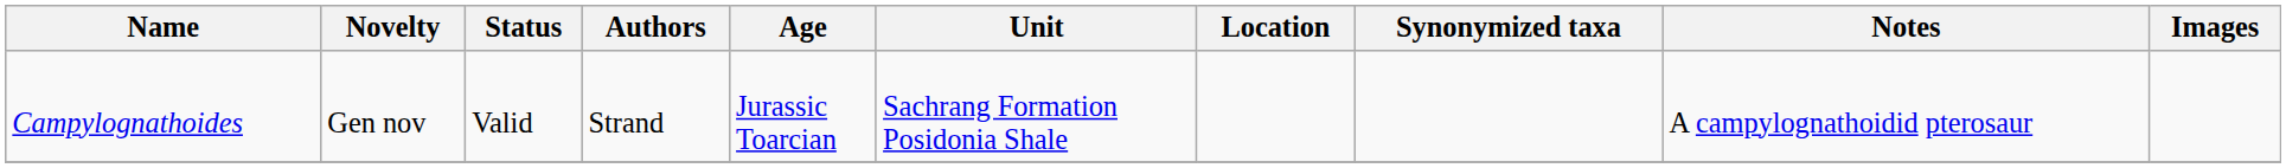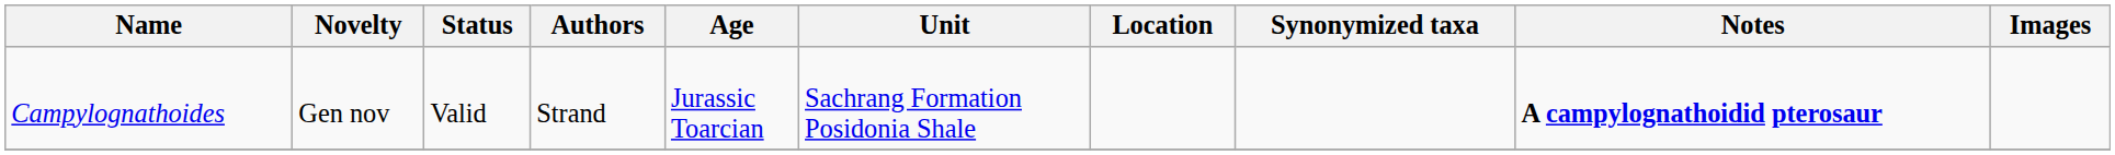 <table class="wikitable sortable" align="center" width="100%">
 <tr>
 <th>Name</th>
 <th>Novelty</th>
 <th>Status</th>
 <th>Authors</th>
 <th>Age</th>
 <th>Unit</th>
 <th>Location</th>
 <th>Synonymized taxa</th>
 <th>Notes</th>
 <th>Images</th>
 </tr>
 <tr>
 <td><br><em><a href='#'>Campylognathoides</a></em></td>
 <td><br>Gen nov</td>
 <td><br>Valid</td>
 <td><br>Strand</td>
 <td><br><a href='#'>Jurassic</a><br><a href='#'>Toarcian</a></td>
 <td><br><a href='#'>Sachrang Formation</a><br><a href='#'>Posidonia Shale</a></td>
 <td><br><br></td>
 <td></td>
-<td><br>A <a href='#'>campylognathoidid</a> <a href='#'>pterosaur</a></td>
+<td><strong><br>A <a href='#'>campylognathoidid</a> <a href='#'>pterosaur</a></strong></td>
 <td><br></td>
 </tr>
 <tr>
 </tr>
 </table>
